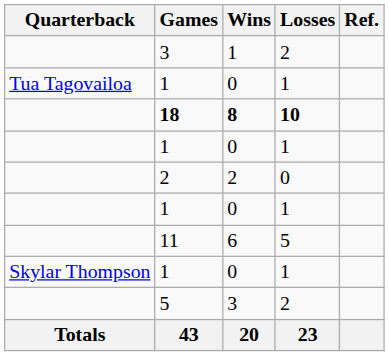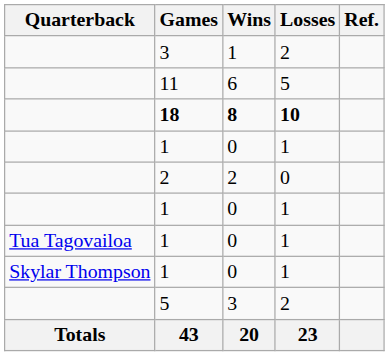 <table class="wikitable sortable">
 <tr>
 <th>Quarterback</th>
 <th>Games</th>
 <th>Wins</th>
 <th>Losses</th>
 <th>Ref.</th>
 </tr>
 <tr>
 <td></td>
 <td>3</td>
 <td>1</td>
 <td>2</td>
 <td></td>
 </tr>
 <tr>
-<td><a href='#'>Tua Tagovailoa</a></td>
-<td>1</td>
-<td>0</td>
-<td>1</td>
+<td></td>
+<td>11</td>
+<td>6</td>
+<td>5</td>
 <td></td>
 </tr>
 <tr>
 <td></td>
 <td><strong>18</strong></td>
 <td><strong>8</strong></td>
 <td><strong>10</strong></td>
 <td></td>
 </tr>
 <tr>
 <td></td>
 <td>1</td>
 <td>0</td>
 <td>1</td>
 <td></td>
 </tr>
 <tr>
 <td></td>
 <td>2</td>
 <td>2</td>
 <td>0</td>
 <td></td>
 </tr>
 <tr>
 <td></td>
 <td>1</td>
 <td>0</td>
 <td>1</td>
 <td></td>
 </tr>
 <tr>
-<td></td>
-<td>11</td>
-<td>6</td>
-<td>5</td>
+<td><a href='#'>Tua Tagovailoa</a></td>
+<td>1</td>
+<td>0</td>
+<td>1</td>
 <td></td>
 </tr>
 <tr>
 <td><a href='#'>Skylar Thompson</a></td>
 <td>1</td>
 <td>0</td>
 <td>1</td>
 <td></td>
 </tr>
 <tr>
 <td></td>
 <td>5</td>
 <td>3</td>
 <td>2</td>
 <td></td>
 </tr>
 <tr>
 <th>Totals</th>
 <th>43</th>
 <th>20</th>
 <th>23</th>
 <th></th>
 </tr>
 </table>
